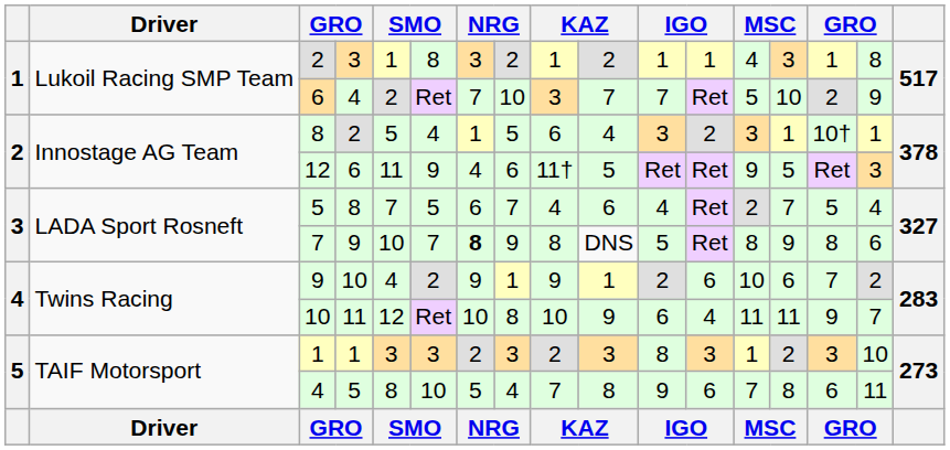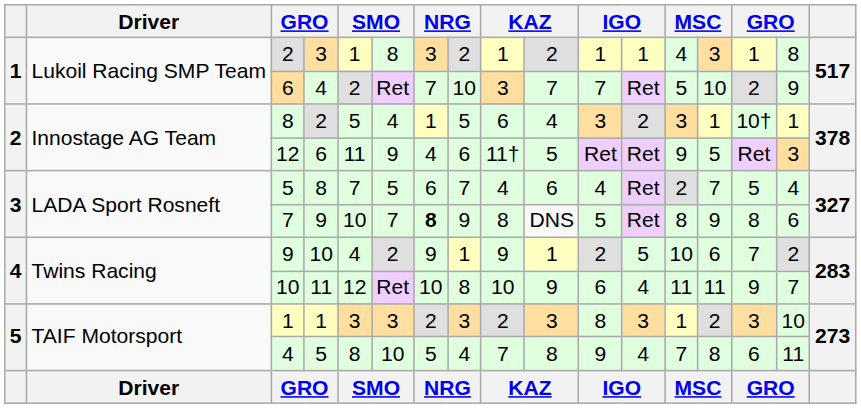 <table align=left| class="wikitable" style="font-size: 85%; text-align: center">
 <tr valign="top">
 <th valign="middle"></th>
 <th valign="middle">Driver</th>
 <th colspan=2><a href='#'>GRO</a></th>
 <th colspan=2><a href='#'>SMO</a></th>
 <th colspan=2><a href='#'>NRG</a></th>
 <th colspan=2><a href='#'>KAZ</a></th>
 <th colspan=2><a href='#'>IGO</a></th>
 <th colspan=2><a href='#'>MSC</a></th>
 <th colspan=2><a href='#'>GRO</a></th>
 <th valign="middle"></th>
 </tr>
 <tr>
 <th rowspan="2">1</th>
 <td rowspan="2" align=left>Lukoil Racing SMP Team</td>
 <td style="background:#dfdfdf;">2</td>
 <td style="background:#ffdf9f;">3</td>
 <td style="background:#ffffbf;">1</td>
 <td style="background:#dfffdf;">8</td>
 <td style="background:#ffdf9f;">3</td>
 <td style="background:#dfdfdf;">2</td>
 <td style="background:#ffffbf;">1</td>
 <td style="background:#dfdfdf;">2</td>
 <td style="background:#ffffbf;">1</td>
 <td style="background:#ffffbf;">1</td>
 <td style="background:#dfffdf;">4</td>
 <td style="background:#ffdf9f;">3</td>
 <td style="background:#ffffbf;">1</td>
 <td style="background:#dfffdf;">8</td>
 <th rowspan="2">517</th>
 </tr>
 <tr>
 <td style="background:#ffdf9f;">6</td>
 <td style="background:#dfffdf;">4</td>
 <td style="background:#dfdfdf;">2</td>
 <td style="background:#efcfff;">Ret</td>
 <td style="background:#dfffdf;">7</td>
 <td style="background:#dfffdf;">10</td>
 <td style="background:#ffdf9f;">3</td>
 <td style="background:#dfffdf;">7</td>
 <td style="background:#dfffdf;">7</td>
 <td style="background:#efcfff;">Ret</td>
 <td style="background:#dfffdf;">5</td>
 <td style="background:#dfffdf;">10</td>
 <td style="background:#dfdfdf;">2</td>
 <td style="background:#dfffdf;">9</td>
 </tr>
 <tr>
 <th rowspan="2">2</th>
 <td rowspan="2" align=left>Innostage AG Team</td>
 <td style="background:#dfffdf;">8</td>
 <td style="background:#dfdfdf;">2</td>
 <td style="background:#dfffdf;">5</td>
 <td style="background:#dfffdf;">4</td>
 <td style="background:#ffffbf;">1</td>
 <td style="background:#dfffdf;">5</td>
 <td style="background:#dfffdf;">6</td>
 <td style="background:#dfffdf;">4</td>
 <td style="background:#ffdf9f;">3</td>
 <td style="background:#dfdfdf;">2</td>
 <td style="background:#ffdf9f;">3</td>
 <td style="background:#ffffbf;">1</td>
 <td style="background:#dfffdf;">10†</td>
 <td style="background:#ffffbf;">1</td>
 <th rowspan="2">378</th>
 </tr>
 <tr>
 <td style="background:#dfffdf;">12</td>
 <td style="background:#dfffdf;">6</td>
 <td style="background:#dfffdf;">11</td>
 <td style="background:#dfffdf;">9</td>
 <td style="background:#dfffdf;">4</td>
 <td style="background:#dfffdf;">6</td>
 <td style="background:#dfffdf;">11†</td>
 <td style="background:#dfffdf;">5</td>
 <td style="background:#efcfff;">Ret</td>
 <td style="background:#efcfff;">Ret</td>
 <td style="background:#dfffdf;">9</td>
 <td style="background:#dfffdf;">5</td>
 <td style="background:#efcfff;">Ret</td>
 <td style="background:#ffdf9f;">3</td>
 </tr>
 <tr>
 <th rowspan="2">3</th>
 <td rowspan="2" align=left>LADA Sport Rosneft</td>
 <td style="background:#dfffdf;">5</td>
 <td style="background:#dfffdf;">8</td>
 <td style="background:#dfffdf;">7</td>
 <td style="background:#dfffdf;">5</td>
 <td style="background:#dfffdf;">6</td>
 <td style="background:#dfffdf;">7</td>
 <td style="background:#dfffdf;">4</td>
 <td style="background:#dfffdf;">6</td>
 <td style="background:#dfffdf;">4</td>
 <td style="background:#efcfff;">Ret</td>
 <td style="background:#dfdfdf;">2</td>
 <td style="background:#dfffdf;">7</td>
 <td style="background:#dfffdf;">5</td>
 <td style="background:#dfffdf;">4</td>
 <th rowspan="2">327</th>
 </tr>
 <tr>
 <td style="background:#dfffdf;">7</td>
 <td style="background:#dfffdf;">9</td>
 <td style="background:#dfffdf;">10</td>
 <td style="background:#dfffdf;">7</td>
 <td style="background:#dfffdf;"><strong>8</strong></td>
 <td style="background:#dfffdf;">9</td>
 <td style="background:#dfffdf;">8</td>
 <td>DNS</td>
 <td style="background:#dfffdf;">5</td>
 <td style="background:#efcfff;">Ret</td>
 <td style="background:#dfffdf;">8</td>
 <td style="background:#dfffdf;">9</td>
 <td style="background:#dfffdf;">8</td>
 <td style="background:#dfffdf;">6</td>
 </tr>
 <tr>
 <th rowspan="2">4</th>
 <td rowspan="2" align=left>Twins Racing</td>
 <td style="background:#dfffdf;">9</td>
 <td style="background:#dfffdf;">10</td>
 <td style="background:#dfffdf;">4</td>
 <td style="background:#dfdfdf;">2</td>
 <td style="background:#dfffdf;">9</td>
 <td style="background:#ffffbf;">1</td>
 <td style="background:#dfffdf;">9</td>
 <td style="background:#ffffbf;">1</td>
 <td style="background:#dfdfdf;">2</td>
-<td style="background:#dfffdf;">6</td>
+<td style="background:#dfffdf;">5</td>
 <td style="background:#dfffdf;">10</td>
 <td style="background:#dfffdf;">6</td>
 <td style="background:#dfffdf;">7</td>
 <td style="background:#dfdfdf;">2</td>
 <th rowspan="2">283</th>
 </tr>
 <tr>
 <td style="background:#dfffdf;">10</td>
 <td style="background:#dfffdf;">11</td>
 <td style="background:#dfffdf;">12</td>
 <td style="background:#efcfff;">Ret</td>
 <td style="background:#dfffdf;">10</td>
 <td style="background:#dfffdf;">8</td>
 <td style="background:#dfffdf;">10</td>
 <td style="background:#dfffdf;">9</td>
 <td style="background:#dfffdf;">6</td>
 <td style="background:#dfffdf;">4</td>
 <td style="background:#dfffdf;">11</td>
 <td style="background:#dfffdf;">11</td>
 <td style="background:#dfffdf;">9</td>
 <td style="background:#dfffdf;">7</td>
 </tr>
 <tr>
 <th rowspan="2">5</th>
 <td rowspan="2" align=left>TAIF Motorsport</td>
 <td style="background:#ffffbf;">1</td>
 <td style="background:#ffffbf;">1</td>
 <td style="background:#ffdf9f;">3</td>
 <td style="background:#ffdf9f;">3</td>
 <td style="background:#dfdfdf;">2</td>
 <td style="background:#ffdf9f;">3</td>
 <td style="background:#dfdfdf;">2</td>
 <td style="background:#ffdf9f;">3</td>
 <td style="background:#dfffdf;">8</td>
 <td style="background:#ffdf9f;">3</td>
 <td style="background:#ffffbf;">1</td>
 <td style="background:#dfdfdf;">2</td>
 <td style="background:#ffdf9f;">3</td>
 <td style="background:#dfffdf;">10</td>
 <th rowspan="2">273<br></th>
 </tr>
 <tr>
 <td style="background:#dfffdf;">4</td>
 <td style="background:#dfffdf;">5</td>
 <td style="background:#dfffdf;">8</td>
 <td style="background:#dfffdf;">10</td>
 <td style="background:#dfffdf;">5</td>
 <td style="background:#dfffdf;">4</td>
 <td style="background:#dfffdf;">7</td>
 <td style="background:#dfffdf;">8</td>
 <td style="background:#dfffdf;">9</td>
-<td style="background:#dfffdf;">6</td>
+<td style="background:#dfffdf;">4</td>
 <td style="background:#dfffdf;">7</td>
 <td style="background:#dfffdf;">8</td>
 <td style="background:#dfffdf;">6</td>
 <td style="background:#dfffdf;">11</td>
 </tr>
 <tr>
 <th valign="middle"></th>
 <th valign="middle">Driver</th>
 <th colspan=2><a href='#'>GRO</a></th>
 <th colspan=2><a href='#'>SMO</a></th>
 <th colspan=2><a href='#'>NRG</a></th>
 <th colspan=2><a href='#'>KAZ</a></th>
 <th colspan=2><a href='#'>IGO</a></th>
 <th colspan=2><a href='#'>MSC</a></th>
 <th colspan=2><a href='#'>GRO</a></th>
 <th valign="middle"></th>
 </tr>
 </table>
